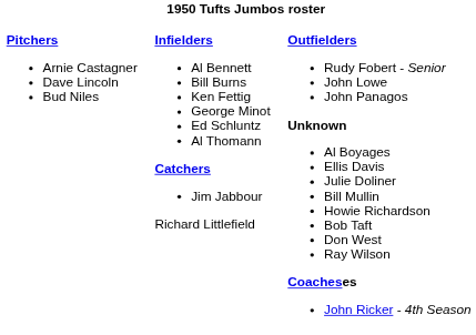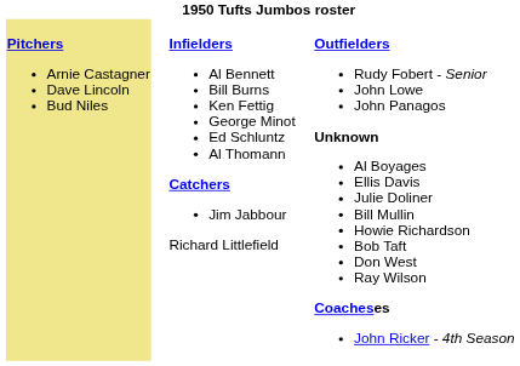 <table class="toccolours" style="border-collapse:collapse; font-size:90%;">
 <tr>
 <th colspan="7">1950 Tufts Jumbos roster</th>
 </tr>
 <tr>
 <td width="03"> </td>
-<td valign="top"><br><strong><a href='#'>Pitchers</a></strong><ul><li>Arnie Castagner</li><li>Dave Lincoln</li><li>Bud Niles</li></ul></td>
+<td valign="top" style="background: khaki;"><br><strong><a href='#'>Pitchers</a></strong><ul><li>Arnie Castagner</li><li>Dave Lincoln</li><li>Bud Niles</li></ul></td>
 <td width="15"> </td>
 <td valign="top"><br><strong><a href='#'>Infielders</a></strong><ul><li>Al Bennett</li><li>Bill Burns</li><li>Ken Fettig</li><li>George Minot</li><li>Ed Schluntz</li><li>Al Thomann</li></ul><strong><a href='#'>Catchers</a></strong><ul><li>Jim Jabbour</li></ul>Richard Littlefield</td>
 <td width="15"> </td>
 <td valign="top"><br><strong><a href='#'>Outfielders</a></strong><ul><li>Rudy Fobert - <em>Senior</em></li><li>John Lowe</li><li>John Panagos</li></ul><strong>Unknown</strong><ul><li>Al Boyages</li><li>Ellis Davis</li><li>Julie Doliner</li><li>Bill Mullin</li><li>Howie Richardson</li><li>Bob Taft</li><li>Don West</li><li>Ray Wilson</li></ul><strong><a href='#'>Coaches</a>es</strong><ul><li><a href='#'>John Ricker</a> - <em>4th Season</em></li></ul></td>
 <td width="20"> </td>
 </tr>
 </table>
